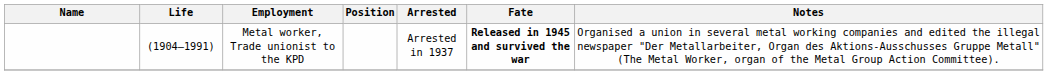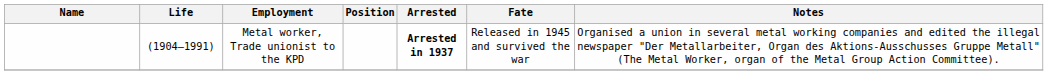 <table class="wikitable sortable" style="table-layout:fixed;background-color:#FEFEFE;font-size:95%;padding:0.30em;line-height:1.35em;">
 <tr>
 <th scope="col"  width=13%>Name</th>
 <th scope="col"  width=8%>Life</th>
 <th scope="col">Employment</th>
 <th scope="col">Position</th>
 <th scope="col">Arrested</th>
 <th scope="col">Fate</th>
 <th scope="col">Notes</th>
 </tr>
 <tr>
 <td></td>
 <td style="text-align: center;">(1904–1991)</td>
 <td style="text-align: center;">Metal worker, Trade unionist to the KPD</td>
 <td style="text-align: center;"></td>
-<td style="text-align: center;">Arrested in 1937</td>
-<td style="text-align: center;"><strong>Released in 1945 and survived the war</strong></td>
+<td style="text-align: center;"><strong>Arrested in 1937</strong></td>
+<td style="text-align: center;">Released in 1945 and survived the war</td>
 <td style="text-align: center;">Organised a union in several metal working companies and edited the illegal newspaper "Der Metallarbeiter, Organ des Aktions-Ausschusses Gruppe Metall" (The Metal Worker, organ of the Metal Group Action Committee).</td>
 </tr>
 <tr>
 </tr>
 </table>
